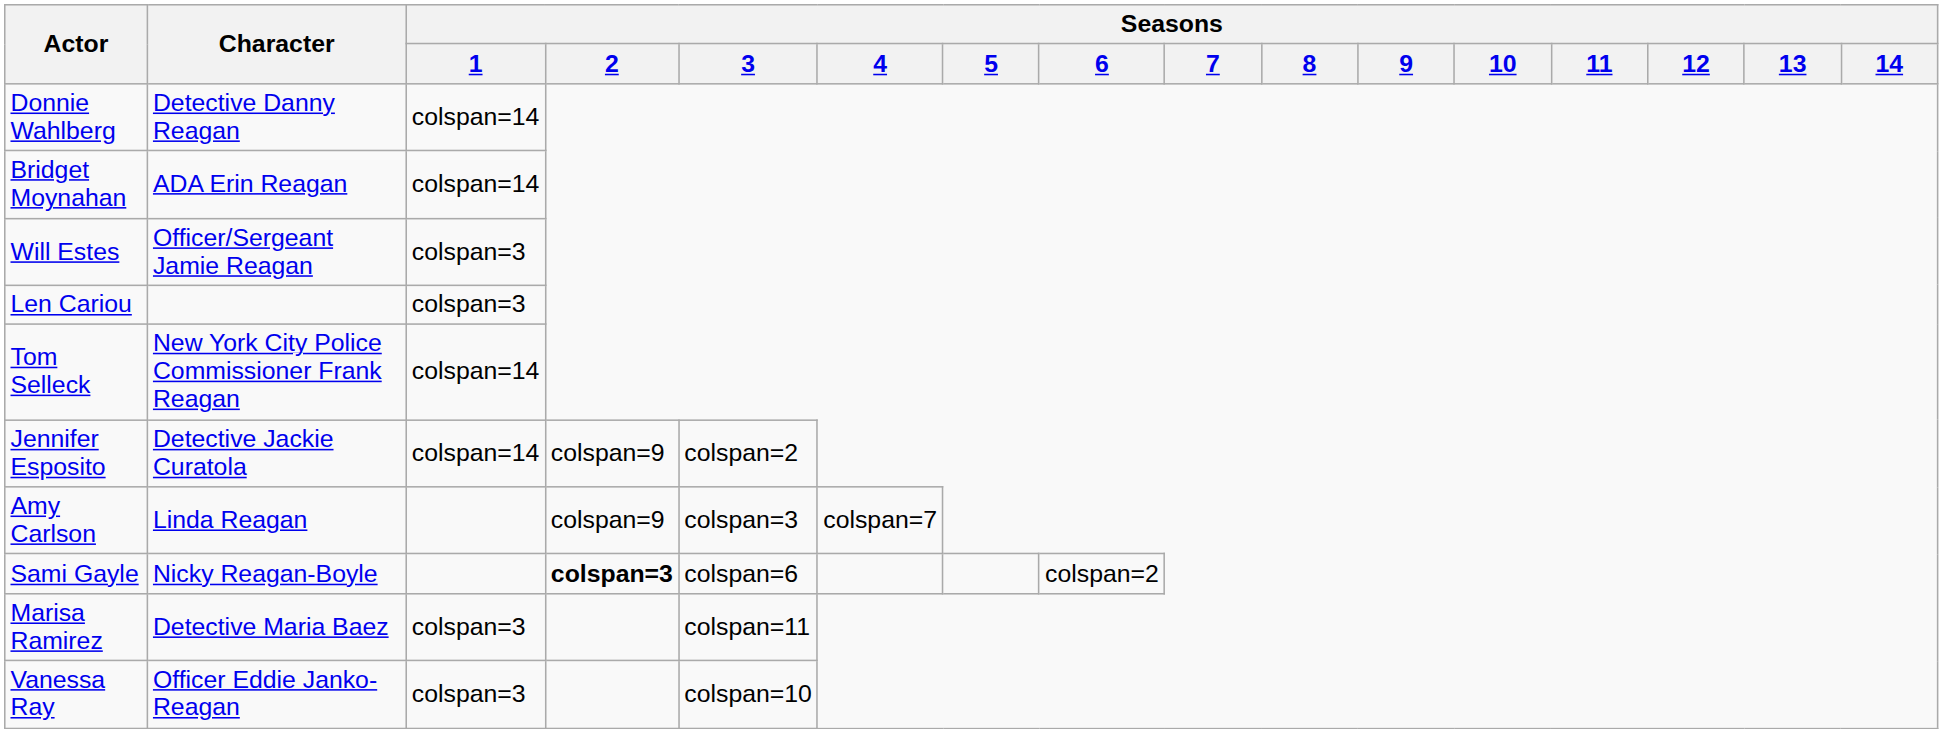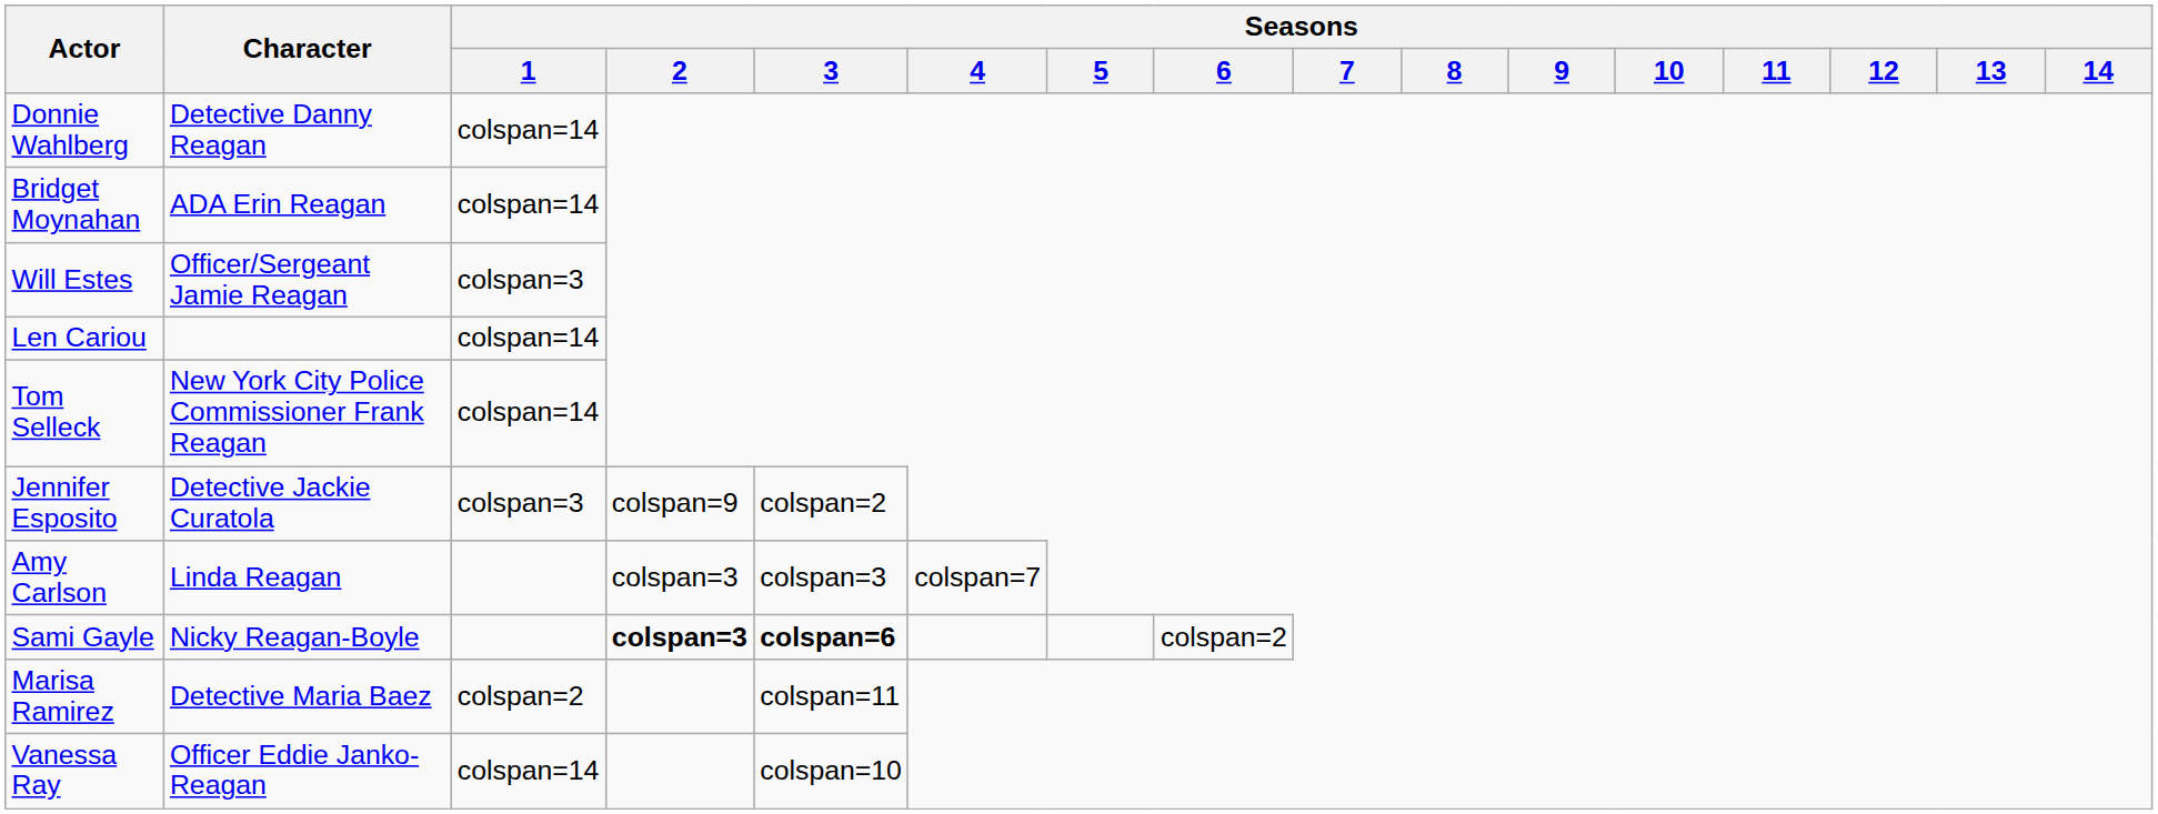 <table class="wikitable plainrowheaders">
 <tr>
 <th scope="col" rowspan=2>Actor</th>
 <th scope="col" rowspan=2>Character</th>
 <th scope="col" colspan=14>Seasons</th>
 </tr>
 <tr>
 <th scope="col" style="width:5%;"><a href='#'>1</a></th>
 <th scope="col" style="width:5%;"><a href='#'>2</a></th>
 <th scope="col" style="width:5%;"><a href='#'>3</a></th>
 <th scope="col" style="width:5%;"><a href='#'>4</a></th>
 <th scope="col" style="width:5%;"><a href='#'>5</a></th>
 <th scope="col" style="width:5%;"><a href='#'>6</a></th>
 <th scope="col" style="width:5%;"><a href='#'>7</a></th>
 <th scope="col" style="width:5%;"><a href='#'>8</a></th>
 <th scope="col" style="width:5%;"><a href='#'>9</a></th>
 <th scope="col" style="width:5%;"><a href='#'>10</a></th>
 <th scope="col" style="width:5%;"><a href='#'>11</a></th>
 <th scope="col" style="width:5%;"><a href='#'>12</a></th>
 <th scope="col" style="width:5%;"><a href='#'>13</a></th>
 <th scope="col" style="width:5%;"><a href='#'>14</a></th>
 </tr>
 <tr>
 <td><a href='#'>Donnie Wahlberg</a></td>
 <td><a href='#'>Detective Danny Reagan</a></td>
 <td>colspan=14 </td>
 </tr>
 <tr>
 <td><a href='#'>Bridget Moynahan</a></td>
 <td><a href='#'>ADA Erin Reagan</a></td>
 <td>colspan=14 </td>
 </tr>
 <tr>
 <td><a href='#'>Will Estes</a></td>
 <td><a href='#'>Officer/Sergeant Jamie Reagan</a></td>
 <td>colspan=3 </td>
 </tr>
 <tr>
 <td><a href='#'>Len Cariou</a></td>
 <td></td>
-<td>colspan=3 </td>
+<td>colspan=14 </td>
 </tr>
 <tr>
 <td><a href='#'>Tom Selleck</a></td>
 <td><a href='#'>New York City Police</a> <a href='#'>Commissioner Frank Reagan</a></td>
 <td>colspan=14 </td>
 </tr>
 <tr>
 <td><a href='#'>Jennifer Esposito</a></td>
 <td><a href='#'>Detective Jackie Curatola</a></td>
-<td>colspan=14 </td>
+<td>colspan=3 </td>
 <td>colspan=9 </td>
 <td>colspan=2 </td>
 </tr>
 <tr>
 <td><a href='#'>Amy Carlson</a></td>
 <td><a href='#'>Linda Reagan</a></td>
 <td></td>
-<td>colspan=9 </td>
+<td>colspan=3 </td>
 <td>colspan=3 </td>
 <td>colspan=7 </td>
 </tr>
 <tr>
 <td><a href='#'>Sami Gayle</a></td>
 <td><a href='#'>Nicky Reagan-Boyle</a></td>
 <td></td>
 <td><strong>colspan=3 </strong></td>
-<td>colspan=6 </td>
+<td><strong>colspan=6 </strong></td>
 <td></td>
 <td></td>
 <td>colspan=2 </td>
 </tr>
 <tr>
 <td><a href='#'>Marisa Ramirez</a></td>
 <td><a href='#'>Detective Maria Baez</a></td>
-<td>colspan=3 </td>
+<td>colspan=2 </td>
 <td></td>
 <td>colspan=11 </td>
 </tr>
 <tr>
 <td><a href='#'>Vanessa Ray</a></td>
 <td><a href='#'>Officer Eddie Janko-Reagan</a></td>
-<td>colspan=3 </td>
+<td>colspan=14 </td>
 <td></td>
 <td>colspan=10 </td>
 </tr>
 <tr>
 </tr>
 </table>
